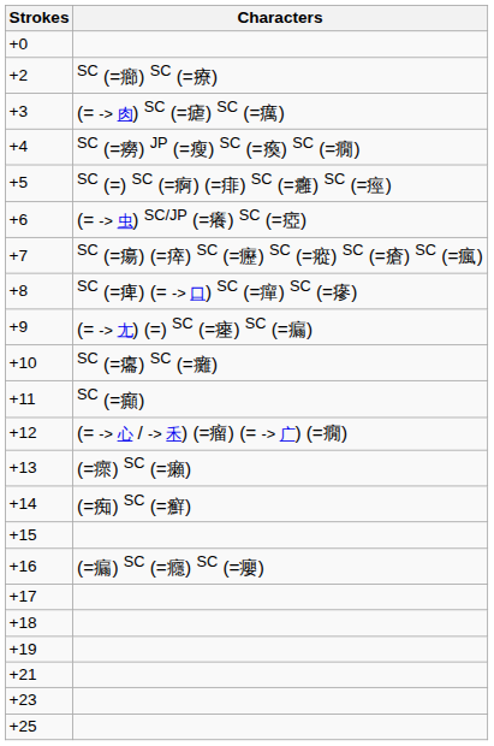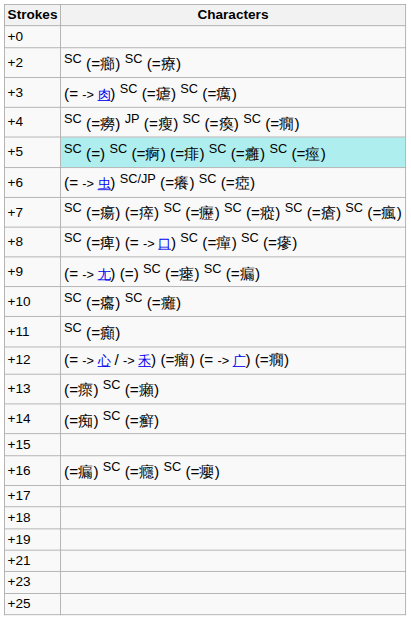 <table class="wikitable">
 <tr>
 <th>Strokes</th>
 <th>Characters</th>
 </tr>
 <tr>
 <td>+0</td>
 <td style="font-size: large;"></td>
 </tr>
 <tr>
 <td>+2</td>
 <td style="font-size: large;">   <sup>SC</sup> (=癤) <sup>SC</sup> (=療)</td>
 </tr>
 <tr>
 <td>+3</td>
 <td style="font-size: large;"> (= <small>-> <a href='#'>肉</a></small>)       <sup>SC</sup> (=瘧) <sup>SC</sup> (=癘)</td>
 </tr>
 <tr>
 <td>+4</td>
 <td style="font-size: large;">                 <sup>SC</sup> (=癆) <sup>JP</sup> (=瘦) <sup>SC</sup> (=瘓) <sup>SC</sup> (=癇)</td>
 </tr>
 <tr>
 <td>+5</td>
-<td style="font-size: large;"> <sup>SC</sup> (=)   <sup>SC</sup> (=痾)           (=痱)         <sup>SC</sup> (=癰) <sup>SC</sup> (=痙)</td>
+<td style="background: paleturquoise; font-size: large;"> <sup>SC</sup> (=)   <sup>SC</sup> (=痾)           (=痱)         <sup>SC</sup> (=癰) <sup>SC</sup> (=痙)</td>
 </tr>
 <tr>
 <td>+6</td>
 <td style="font-size: large;">       (= <small>-> <a href='#'>虫</a></small>)  <sup>SC/JP</sup> (=癢)    <sup>SC</sup> (=瘂)</td>
 </tr>
 <tr>
 <td>+7</td>
 <td style="font-size: large;"><sup>SC</sup> (=瘍)         (=瘁)   <sup>SC</sup> (=癧) <sup>SC</sup> (=瘲) <sup>SC</sup> (=瘡) <sup>SC</sup> (=瘋) </td>
 </tr>
 <tr>
 <td>+8</td>
 <td style="font-size: large;">             <sup>SC</sup> (=痺)          (= <small>-> <a href='#'>口</a></small>)   <sup>SC</sup> (=癉) <sup>SC</sup> (=瘮)</td>
 </tr>
 <tr>
 <td>+9</td>
 <td style="font-size: large;"> (= <small>-> <a href='#'>尢</a></small>)   (=)              <sup>SC</sup> (=瘞) <sup>SC</sup> (=瘺)  </td>
 </tr>
 <tr>
 <td>+10</td>
 <td style="font-size: large;">               <sup>SC</sup> (=癟) <sup>SC</sup> (=癱)</td>
 </tr>
 <tr>
 <td>+11</td>
 <td style="font-size: large;">    <sup>SC</sup> (=癲)</td>
 </tr>
 <tr>
 <td>+12</td>
 <td style="font-size: large;">     (= <small>-> <a href='#'>心</a></small> /  <small>-> <a href='#'>禾</a></small>)  (=瘤)    (= <small>-> <a href='#'>广</a></small>)      (=癇)</td>
 </tr>
 <tr>
 <td>+13</td>
 <td style="font-size: large;"> (=瘝)               <sup>SC</sup> (=癩)</td>
 </tr>
 <tr>
 <td>+14</td>
 <td style="font-size: large;">   (=痴) <sup>SC</sup> (=癬)</td>
 </tr>
 <tr>
 <td>+15</td>
 <td style="font-size: large;">   </td>
 </tr>
 <tr>
 <td>+16</td>
 <td style="font-size: large;">                (=瘺)   <sup>SC</sup> (=癮) <sup>SC</sup> (=癭) </td>
 </tr>
 <tr>
 <td>+17</td>
 <td style="font-size: large;">  </td>
 </tr>
 <tr>
 <td>+18</td>
 <td style="font-size: large;"> </td>
 </tr>
 <tr>
 <td>+19</td>
 <td style="font-size: large;"> </td>
 </tr>
 <tr>
 <td>+21</td>
 <td style="font-size: large;"></td>
 </tr>
 <tr>
 <td>+23</td>
 <td style="font-size: large;"></td>
 </tr>
 <tr>
 <td>+25</td>
 <td style="font-size: large;"></td>
 </tr>
 </table>
